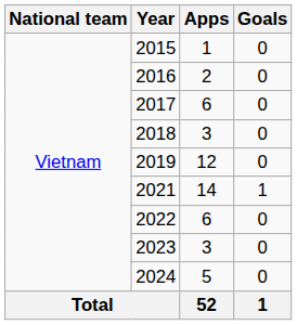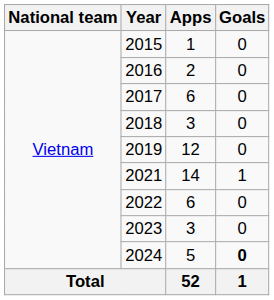 <table class=wikitable style=text-align:center>
 <tr>
 <th>National team</th>
 <th>Year</th>
 <th>Apps</th>
 <th>Goals</th>
 </tr>
 <tr>
 <td rowspan="9"><a href='#'>Vietnam</a></td>
 <td>2015</td>
 <td>1</td>
 <td>0</td>
 </tr>
 <tr>
 <td>2016</td>
 <td>2</td>
 <td>0</td>
 </tr>
 <tr>
 <td>2017</td>
 <td>6</td>
 <td>0</td>
 </tr>
 <tr>
 <td>2018</td>
 <td>3</td>
 <td>0</td>
 </tr>
 <tr>
 <td>2019</td>
 <td>12</td>
 <td>0</td>
 </tr>
 <tr>
 <td>2021</td>
 <td>14</td>
 <td>1</td>
 </tr>
 <tr>
 <td>2022</td>
 <td>6</td>
 <td>0</td>
 </tr>
 <tr>
 <td>2023</td>
 <td>3</td>
 <td>0</td>
 </tr>
 <tr>
 <td>2024</td>
 <td>5</td>
-<td>0</td>
+<td><strong>0</strong></td>
 </tr>
 <tr>
 <th colspan=2>Total</th>
 <th>52</th>
 <th>1</th>
 </tr>
 </table>
